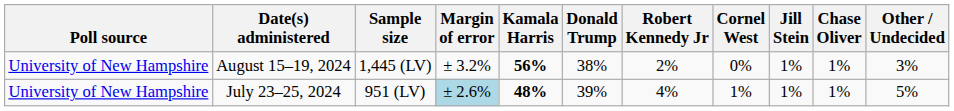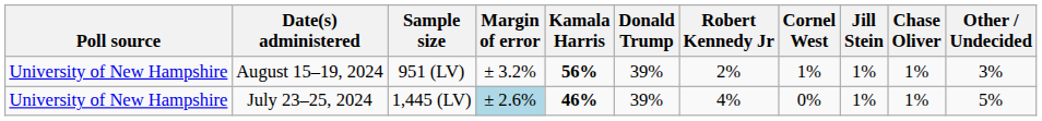 <table class="wikitable sortable mw-datatable" style="font-size:90%;text-align:center;line-height:17px">
 <tr style="vertical-align:bottom">
 <th>Poll source</th>
 <th>Date(s)<br>administered</th>
 <th>Sample<br>size</th>
 <th>Margin<br>of error</th>
 <th class="unsortable">Kamala<br>Harris<br></th>
 <th class="unsortable">Donald<br>Trump<br></th>
 <th class="unsortable">Robert<br>Kennedy Jr<br></th>
 <th class="unsortable">Cornel<br>West<br></th>
 <th class="unsortable">Jill<br>Stein<br></th>
 <th class="unsortable">Chase<br>Oliver<br></th>
 <th class="unsortable">Other /<br>Undecided</th>
 </tr>
 <tr>
 <td style="text-align:left;"><a href='#'>University of New Hampshire</a></td>
 <td data-sort-value="2024-08-19">August 15–19, 2024</td>
-<td>1,445 (LV)</td>
+<td>951 (LV)</td>
 <td>± 3.2%</td>
 <td style="color:black;background-color:"><strong>56%</strong></td>
-<td>38%</td>
+<td>39%</td>
 <td>2%</td>
-<td>0%</td>
+<td>1%</td>
 <td>1%</td>
 <td>1%</td>
 <td>3%</td>
 </tr>
 <tr>
 <td style="text-align:left;"><a href='#'>University of New Hampshire</a></td>
 <td data-sort-value="2024-07-25">July 23–25, 2024</td>
-<td>951 (LV)</td>
+<td>1,445 (LV)</td>
 <td style="background: lightblue;">± 2.6%</td>
-<td style="color:black;background-color:"><strong>48%</strong></td>
+<td style="color:black;background-color:"><strong>46%</strong></td>
 <td>39%</td>
 <td>4%</td>
-<td>1%</td>
+<td>0%</td>
 <td>1%</td>
 <td>1%</td>
 <td>5%</td>
 </tr>
 </table>
